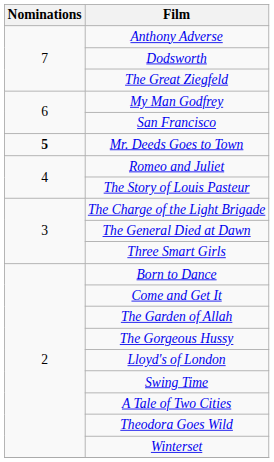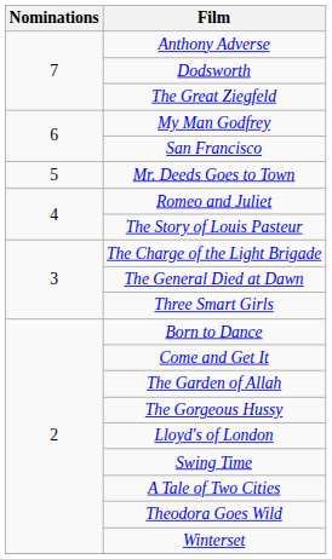 <table class="wikitable" rowspan="2" style="text-align:center;">
 <tr>
 <th scope="col" style="width:55px;">Nominations</th>
 <th scope="col" style="text-align:center;">Film</th>
 </tr>
 <tr>
 <td rowspan="3" style="text-align:center">7</td>
 <td><em><a href='#'>Anthony Adverse</a></em></td>
 </tr>
 <tr>
 <td><em><a href='#'>Dodsworth</a></em></td>
 </tr>
 <tr>
 <td><em><a href='#'>The Great Ziegfeld</a></em></td>
 </tr>
 <tr>
 <td rowspan="2" style="text-align:center">6</td>
 <td><em><a href='#'>My Man Godfrey</a></em></td>
 </tr>
 <tr>
 <td><em><a href='#'>San Francisco</a></em></td>
 </tr>
 <tr>
-<td rowspan="1" style="text-align:center"><strong>5</strong></td>
+<td rowspan="1" style="text-align:center">5</td>
 <td><em><a href='#'>Mr. Deeds Goes to Town</a></em></td>
 </tr>
 <tr>
 <td rowspan="2" style="text-align:center">4</td>
 <td><em><a href='#'>Romeo and Juliet</a></em></td>
 </tr>
 <tr>
 <td><em><a href='#'>The Story of Louis Pasteur</a></em></td>
 </tr>
 <tr>
 <td rowspan="3" style="text-align:center">3</td>
 <td><em><a href='#'>The Charge of the Light Brigade</a></em></td>
 </tr>
 <tr>
 <td><em><a href='#'>The General Died at Dawn</a></em></td>
 </tr>
 <tr>
 <td><em><a href='#'>Three Smart Girls</a></em></td>
 </tr>
 <tr>
 <td rowspan="9" style="text-align:center">2</td>
 <td><em><a href='#'>Born to Dance</a></em></td>
 </tr>
 <tr>
 <td><em><a href='#'>Come and Get It</a></em></td>
 </tr>
 <tr>
 <td><em><a href='#'>The Garden of Allah</a></em></td>
 </tr>
 <tr>
 <td><em><a href='#'>The Gorgeous Hussy</a></em></td>
 </tr>
 <tr>
 <td><em><a href='#'>Lloyd's of London</a></em></td>
 </tr>
 <tr>
 <td><em><a href='#'>Swing Time</a></em></td>
 </tr>
 <tr>
 <td><em><a href='#'>A Tale of Two Cities</a></em></td>
 </tr>
 <tr>
 <td><em><a href='#'>Theodora Goes Wild</a></em></td>
 </tr>
 <tr>
 <td><em><a href='#'>Winterset</a></em></td>
 </tr>
 <tr>
 </tr>
 </table>
